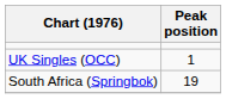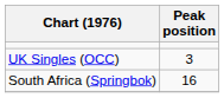 <table class="wikitable sortable">
 <tr>
 <th>Chart (1976)</th>
 <th>Peak<br>position</th>
 </tr>
 <tr>
 <td></td>
 </tr>
 <tr>
 <td><a href='#'>UK Singles</a> (<a href='#'>OCC</a>)</td>
-<td align="center">1</td>
+<td align="center">3</td>
 </tr>
 <tr>
 <td>South Africa (<a href='#'>Springbok</a>)</td>
-<td style="text-align:center;">19</td>
+<td style="text-align:center;">16</td>
 </tr>
 <tr>
 </tr>
 </table>
